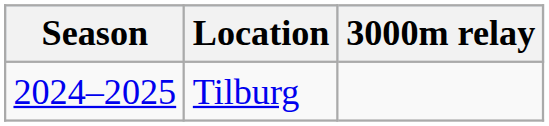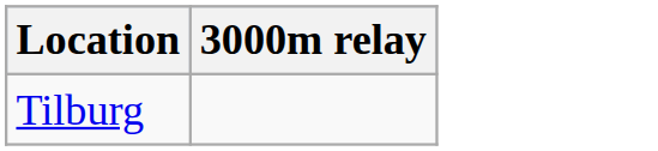 <table class="wikitable" style="display: inline-table;">
 <tr align="center" bgcolor="#b0c4de">
-<th>Season</th>
 <th>Location</th>
 <th>3000m relay</th>
 </tr>
 <tr>
-<td><a href='#'>2024–2025</a></td>
 <td> <a href='#'>Tilburg</a></td>
 <td style="text-align:center;"></td>
 </tr>
 </table>
